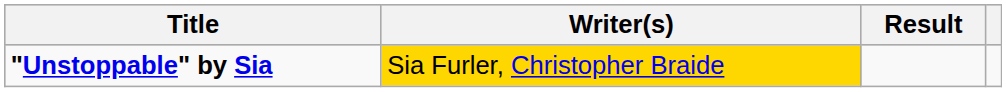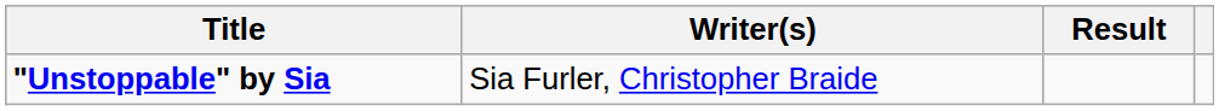 <table class="wikitable" width=100%>
 <tr>
 <th scope="col">Title</th>
 <th scope="col">Writer(s)</th>
 <th scope="col">Result</th>
 <th scope="col"></th>
 </tr>
 <tr>
 <td><strong>"<a href='#'>Unstoppable</a>" by <a href='#'>Sia</a></strong></td>
-<td style="background: gold;">Sia Furler, <a href='#'>Christopher Braide</a></td>
+<td>Sia Furler, <a href='#'>Christopher Braide</a></td>
 <td></td>
 </tr>
 </table>
